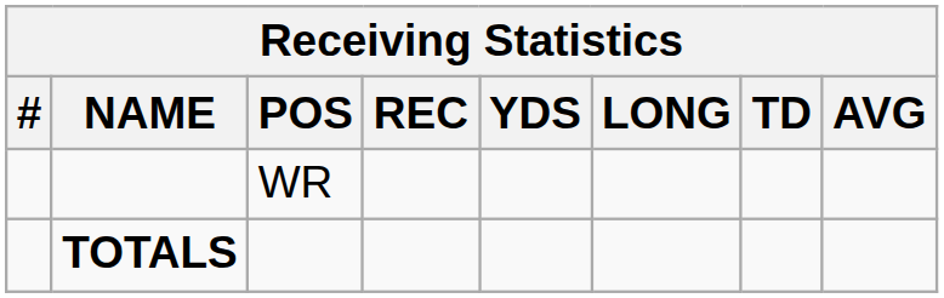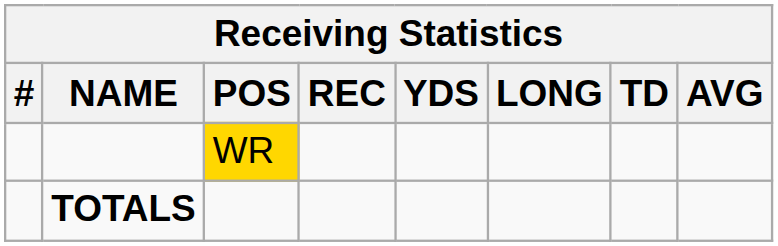 <table class="wikitable sortable collapsible collapsed">
 <tr>
 <th colspan="8">Receiving Statistics</th>
 </tr>
 <tr>
 <th>#</th>
 <th>NAME</th>
 <th>POS</th>
 <th>REC</th>
 <th>YDS</th>
 <th>LONG</th>
 <th>TD</th>
 <th>AVG</th>
 </tr>
 <tr>
 <td></td>
 <td></td>
-<td>WR</td>
+<td style="background: gold;">WR</td>
 <td></td>
 <td></td>
 <td></td>
 <td></td>
 <td></td>
 </tr>
 <tr>
 <td></td>
 <td><strong>TOTALS</strong></td>
 <td></td>
 <td></td>
 <td></td>
 <td></td>
 <td></td>
 <td></td>
 </tr>
 </table>
